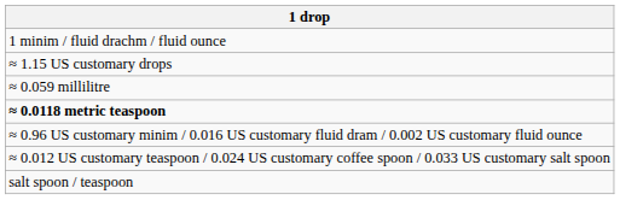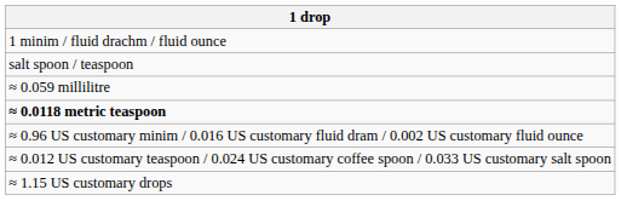 <table class="wikitable">
 <tr>
 <th>1 drop</th>
 </tr>
 <tr>
 <td>1 minim /  fluid drachm /  fluid ounce</td>
 </tr>
 <tr>
-<td>≈ 1.15 US customary drops</td>
+<td> salt spoon /  teaspoon</td>
 </tr>
 <tr>
 <td>≈ 0.059 millilitre</td>
 </tr>
 <tr>
 <td><strong>≈ 0.0118 metric teaspoon</strong></td>
 </tr>
 <tr>
 <td>≈ 0.96 US customary minim / 0.016 US customary fluid dram / 0.002 US customary fluid ounce</td>
 </tr>
 <tr>
 <td>≈ 0.012 US customary teaspoon / 0.024 US customary coffee spoon / 0.033 US customary salt spoon</td>
 </tr>
 <tr>
-<td> salt spoon /  teaspoon</td>
+<td>≈ 1.15 US customary drops</td>
 </tr>
 </table>
